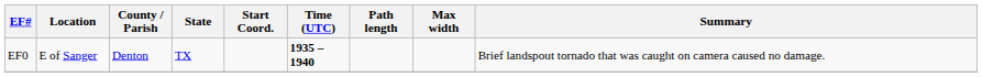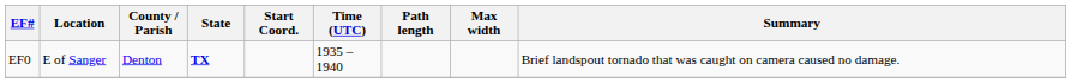 <table class="wikitable sortable" style="width:100%;">
 <tr>
 <th scope="col" width="3%" align="center"><a href='#'>EF#</a></th>
 <th scope="col" width="7%" align="center" class="unsortable">Location</th>
 <th scope="col" width="6%" align="center" class="unsortable">County / Parish</th>
 <th scope="col" width="5%" align="center">State</th>
 <th scope="col" width="6%" align="center">Start Coord.</th>
 <th scope="col" width="6%" align="center">Time (<a href='#'>UTC</a>)</th>
 <th scope="col" width="6%" align="center">Path length</th>
 <th scope="col" width="6%" align="center">Max width</th>
 <th scope="col" width="48%" class="unsortable" align="center">Summary</th>
 </tr>
 <tr>
 <td>EF0</td>
 <td>E of <a href='#'>Sanger</a></td>
 <td><a href='#'>Denton</a></td>
-<td><a href='#'>TX</a></td>
+<td><strong><a href='#'>TX</a></strong></td>
 <td></td>
-<td><strong>1935 – 1940</strong></td>
+<td>1935 – 1940</td>
 <td></td>
 <td></td>
 <td>Brief landspout tornado that was caught on camera caused no damage.</td>
 </tr>
 <tr>
 </tr>
 </table>
